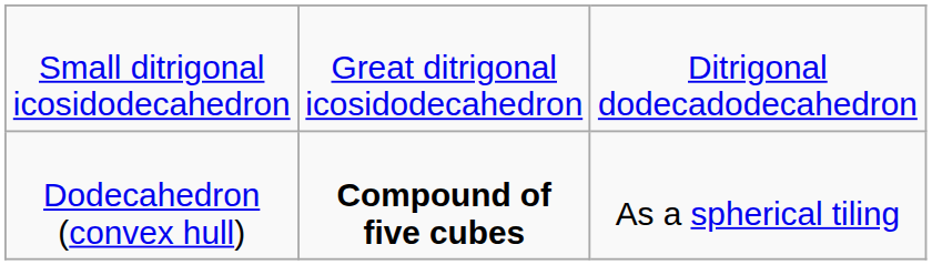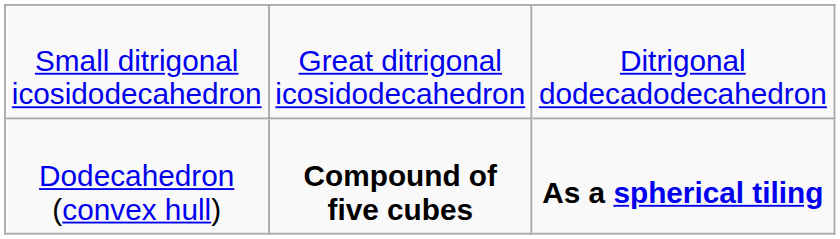 <table class="wikitable" width="400" style="vertical-align:top;text-align:center">
 <tr>
 <td><br><a href='#'>Small ditrigonal icosidodecahedron</a></td>
 <td><br><a href='#'>Great ditrigonal icosidodecahedron</a></td>
 <td><br><a href='#'>Ditrigonal dodecadodecahedron</a></td>
 </tr>
 <tr align=center>
 <td><br><a href='#'>Dodecahedron</a> (<a href='#'>convex hull</a>)</td>
 <td><br><strong>Compound of five cubes</strong></td>
-<td><br>As a <a href='#'>spherical tiling</a></td>
+<td><strong><br>As a <a href='#'>spherical tiling</a></strong></td>
 </tr>
 </table>
